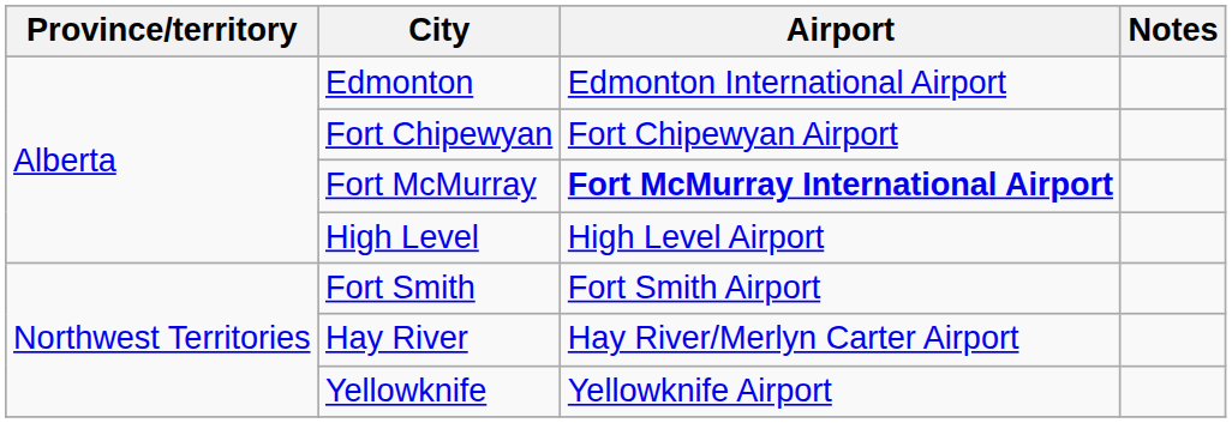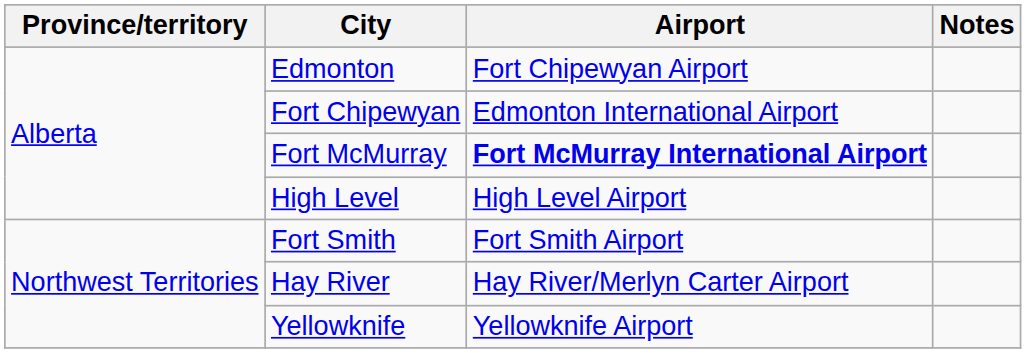 <table class="wikitable">
 <tr>
 <th>Province/territory</th>
 <th>City</th>
 <th>Airport</th>
 <th>Notes</th>
 </tr>
 <tr>
 <td rowspan="4"><a href='#'>Alberta</a></td>
 <td><a href='#'>Edmonton</a></td>
-<td><a href='#'>Edmonton International Airport</a></td>
+<td><a href='#'>Fort Chipewyan Airport</a></td>
 <td></td>
 </tr>
 <tr>
 <td><a href='#'>Fort Chipewyan</a></td>
-<td><a href='#'>Fort Chipewyan Airport</a></td>
+<td><a href='#'>Edmonton International Airport</a></td>
 <td></td>
 </tr>
 <tr>
 <td><a href='#'>Fort McMurray</a></td>
 <td><strong><a href='#'>Fort McMurray International Airport</a></strong></td>
 <td></td>
 </tr>
 <tr>
 <td><a href='#'>High Level</a></td>
 <td><a href='#'>High Level Airport</a></td>
 <td></td>
 </tr>
 <tr>
 <td rowspan="3"><a href='#'>Northwest Territories</a></td>
 <td><a href='#'>Fort Smith</a></td>
 <td><a href='#'>Fort Smith Airport</a></td>
 <td></td>
 </tr>
 <tr>
 <td><a href='#'>Hay River</a></td>
 <td><a href='#'>Hay River/Merlyn Carter Airport</a></td>
 <td></td>
 </tr>
 <tr>
 <td><a href='#'>Yellowknife</a></td>
 <td><a href='#'>Yellowknife Airport</a></td>
 <td></td>
 </tr>
 </table>
